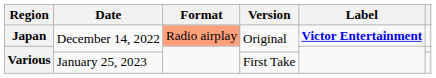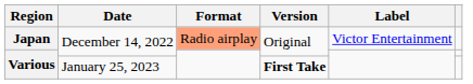 <table class="wikitable plainrowheaders">
 <tr>
 <th scope="col">Region</th>
 <th scope="col">Date</th>
 <th scope="col">Format</th>
 <th>Version</th>
 <th scope="col">Label</th>
 <th scope="col"></th>
 </tr>
 <tr>
 <th scope="row">Japan</th>
 <td rowspan="2">December 14, 2022</td>
 <td style="background: lightsalmon;">Radio airplay</td>
 <td rowspan="2">Original</td>
-<td><strong><a href='#'>Victor Entertainment</a></strong></td>
+<td><a href='#'>Victor Entertainment</a></td>
 <td align="center"></td>
 </tr>
 <tr>
 <th rowspan="2" scope="row">Various</th>
 <td rowspan="2"></td>
 <td rowspan="2"></td>
 <td align="center"></td>
 </tr>
 <tr>
 <td>January 25, 2023</td>
-<td>First Take</td>
+<td><strong>First Take</strong></td>
 <td align="center"></td>
 </tr>
 </table>
